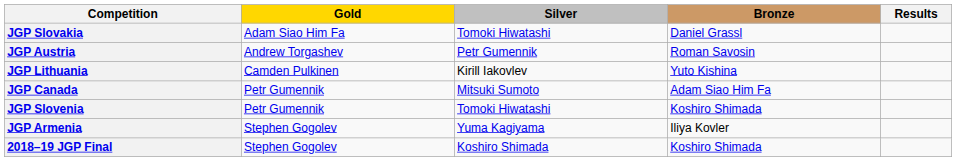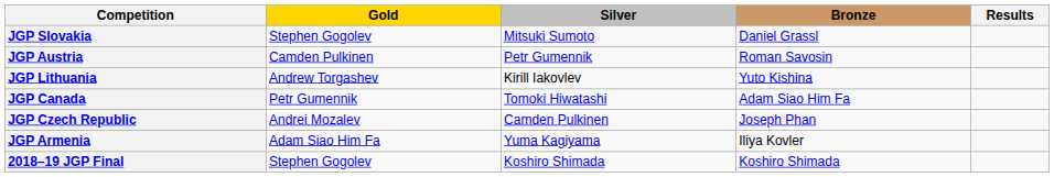 <table class="wikitable unsortable" style="text-align:left; width:100%">
 <tr>
 <th scope="col" style="text-align:center; width:25%;">Competition</th>
 <td scope="col" style="text-align:center; width:22.5%; background:gold"><strong>Gold</strong></td>
 <td scope="col" style="text-align:center; width:22.5%; background:silver"><strong>Silver</strong></td>
 <td scope="col" style="text-align:center; width:22.5%; background:#c96"><strong>Bronze</strong></td>
 <th scope="col" style="text-align:center; width:7.5%;">Results</th>
 </tr>
 <tr>
 <th scope="row" style="text-align:left"> <a href='#'>JGP Slovakia</a></th>
-<td> <a href='#'>Adam Siao Him Fa</a></td>
-<td> <a href='#'>Tomoki Hiwatashi</a></td>
+<td> <a href='#'>Stephen Gogolev</a></td>
+<td> <a href='#'>Mitsuki Sumoto</a></td>
 <td> <a href='#'>Daniel Grassl</a></td>
 <td></td>
 </tr>
 <tr>
 <th scope="row" style="text-align:left"> <a href='#'>JGP Austria</a></th>
-<td> <a href='#'>Andrew Torgashev</a></td>
+<td> <a href='#'>Camden Pulkinen</a></td>
 <td> <a href='#'>Petr Gumennik</a></td>
 <td> <a href='#'>Roman Savosin</a></td>
 <td></td>
 </tr>
 <tr>
 <th scope="row" style="text-align:left"> <a href='#'>JGP Lithuania</a></th>
-<td> <a href='#'>Camden Pulkinen</a></td>
+<td> <a href='#'>Andrew Torgashev</a></td>
 <td> Kirill Iakovlev</td>
 <td> <a href='#'>Yuto Kishina</a></td>
 <td></td>
 </tr>
 <tr>
 <th scope="row" style="text-align:left"> <a href='#'>JGP Canada</a></th>
 <td> <a href='#'>Petr Gumennik</a></td>
-<td> <a href='#'>Mitsuki Sumoto</a></td>
+<td> <a href='#'>Tomoki Hiwatashi</a></td>
 <td> <a href='#'>Adam Siao Him Fa</a></td>
 <td></td>
 </tr>
 <tr>
-<th scope="row" style="text-align:left"> <a href='#'>JGP Slovenia</a></th>
-<td> <a href='#'>Petr Gumennik</a></td>
-<td> <a href='#'>Tomoki Hiwatashi</a></td>
-<td> <a href='#'>Koshiro Shimada</a></td>
+<th scope="row" style="text-align:left"> <a href='#'>JGP Czech Republic</a></th>
+<td> <a href='#'>Andrei Mozalev</a></td>
+<td> <a href='#'>Camden Pulkinen</a></td>
+<td> <a href='#'>Joseph Phan</a></td>
 <td></td>
 </tr>
 <tr>
 <th scope="row" style="text-align:left"> <a href='#'>JGP Armenia</a></th>
-<td> <a href='#'>Stephen Gogolev</a></td>
+<td> <a href='#'>Adam Siao Him Fa</a></td>
 <td> <a href='#'>Yuma Kagiyama</a></td>
 <td> Iliya Kovler</td>
 <td></td>
 </tr>
 <tr>
 <th scope="row" style="text-align:left"> <a href='#'>2018–19 JGP Final</a></th>
 <td> <a href='#'>Stephen Gogolev</a></td>
 <td> <a href='#'>Koshiro Shimada</a></td>
 <td> <a href='#'>Koshiro Shimada</a></td>
 <td></td>
 </tr>
 </table>
